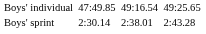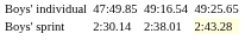 <table>
 <tr>
 <td>Boys' individual <br></td>
 <td></td>
 <td>47:49.85</td>
 <td></td>
 <td>49:16.54</td>
 <td></td>
 <td>49:25.65</td>
 </tr>
 <tr>
 <td>Boys' sprint <br></td>
 <td></td>
 <td>2:30.14</td>
 <td></td>
 <td>2:38.01</td>
 <td></td>
-<td>2:43.28</td>
+<td style="background: lightyellow;">2:43.28</td>
 </tr>
 </table>
